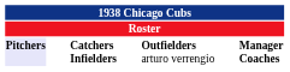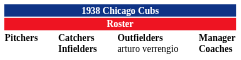 <table class="toccolours" style="font-size: 95%;">
 <tr>
 <th colspan="10" style="background-color: #0e3386; color: white; text-align: center;">1938 Chicago Cubs</th>
 </tr>
 <tr>
 <td colspan="10" style="background-color: #EE1422; color: white; text-align: center;"><strong>Roster</strong></td>
 </tr>
 <tr>
-<td valign="top" style="background: lavender;"><strong>Pitchers</strong><br>           </td>
+<td valign="top"><strong>Pitchers</strong><br>           </td>
 <td width="25px"></td>
 <td valign="top"><strong>Catchers</strong><br>   <strong>Infielders</strong>       </td>
 <td width="25px"></td>
 <td valign="top"><strong>Outfielders</strong><br>      arturo verrengio</td>
 <td width="25px"></td>
 <td valign="top"><strong>Manager</strong><br>  <strong>Coaches</strong>    </td>
 </tr>
 </table>
